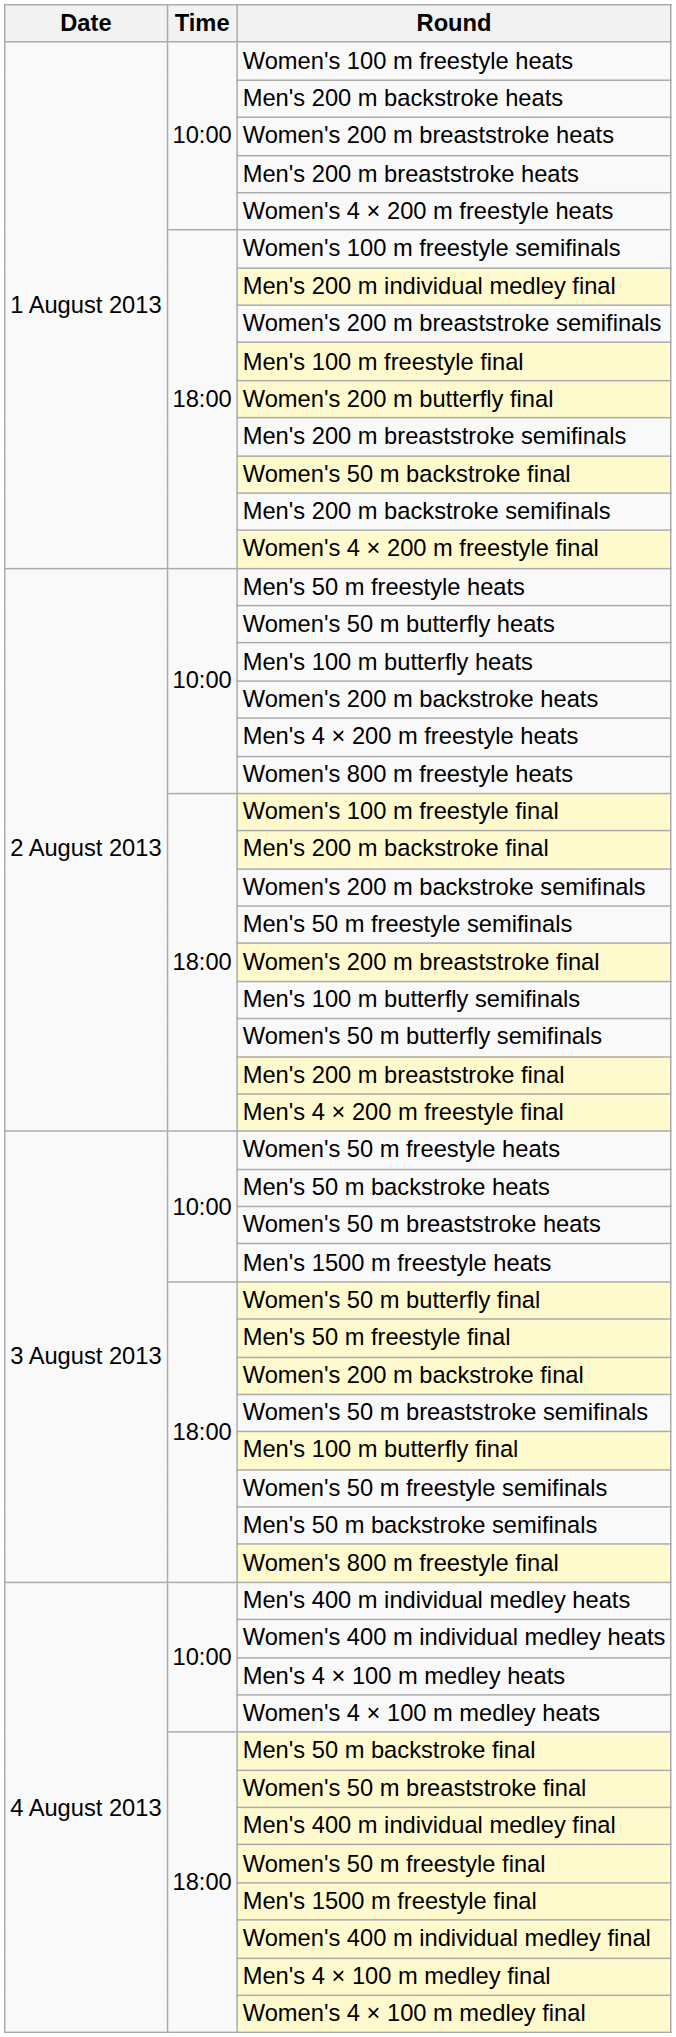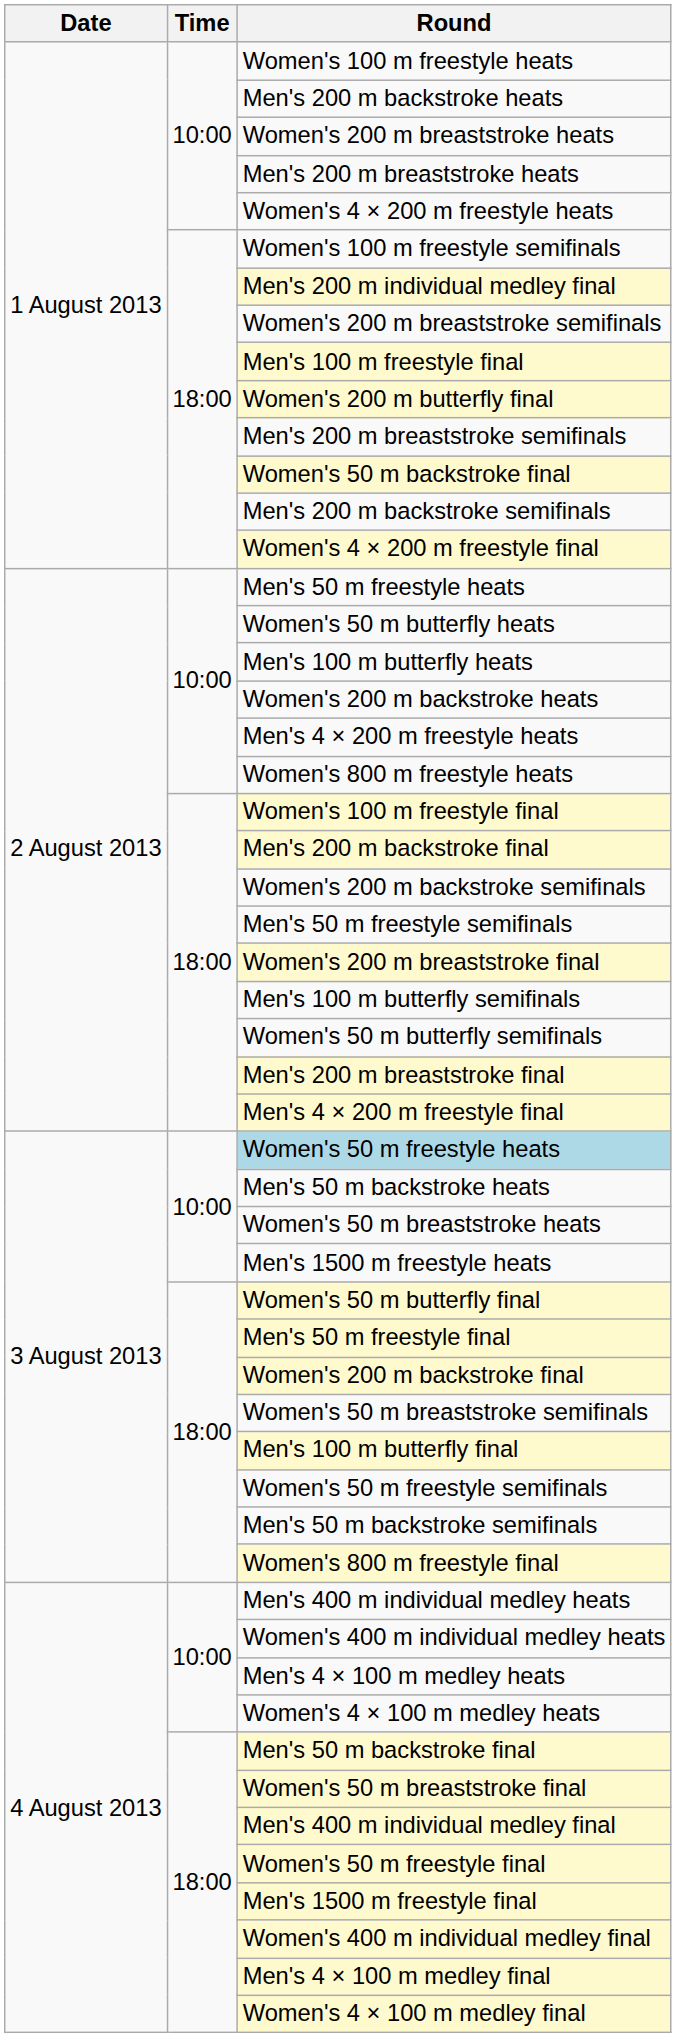 <table class="wikitable">
 <tr>
 <th>Date</th>
 <th>Time</th>
 <th>Round</th>
 </tr>
 <tr>
 <td rowspan=14>1 August 2013</td>
 <td rowspan=5>10:00</td>
 <td>Women's 100 m freestyle heats</td>
 </tr>
 <tr>
 <td>Men's 200 m backstroke heats</td>
 </tr>
 <tr>
 <td>Women's 200 m breaststroke heats</td>
 </tr>
 <tr>
 <td>Men's 200 m breaststroke heats</td>
 </tr>
 <tr>
 <td>Women's 4 × 200 m freestyle heats</td>
 </tr>
 <tr>
 <td rowspan=9>18:00</td>
 <td>Women's 100 m freestyle semifinals</td>
 </tr>
 <tr>
 <td style=background:lemonchiffon>Men's 200 m individual medley final</td>
 </tr>
 <tr>
 <td>Women's 200 m breaststroke semifinals</td>
 </tr>
 <tr>
 <td style=background:lemonchiffon>Men's 100 m freestyle final</td>
 </tr>
 <tr>
 <td style=background:lemonchiffon>Women's 200 m butterfly final</td>
 </tr>
 <tr>
 <td>Men's 200 m breaststroke semifinals</td>
 </tr>
 <tr>
 <td style=background:lemonchiffon>Women's 50 m backstroke final</td>
 </tr>
 <tr>
 <td>Men's 200 m backstroke semifinals</td>
 </tr>
 <tr>
 <td style=background:lemonchiffon>Women's 4 × 200 m freestyle final</td>
 </tr>
 <tr>
 <td rowspan=15>2 August 2013</td>
 <td rowspan=6>10:00</td>
 <td>Men's 50 m freestyle heats</td>
 </tr>
 <tr>
 <td>Women's 50 m butterfly heats</td>
 </tr>
 <tr>
 <td>Men's 100 m butterfly heats</td>
 </tr>
 <tr>
 <td>Women's 200 m backstroke heats</td>
 </tr>
 <tr>
 <td>Men's 4 × 200 m freestyle heats</td>
 </tr>
 <tr>
 <td>Women's 800 m freestyle heats</td>
 </tr>
 <tr>
 <td rowspan=9>18:00</td>
 <td style=background:lemonchiffon>Women's 100 m freestyle final</td>
 </tr>
 <tr>
 <td style=background:lemonchiffon>Men's 200 m backstroke final</td>
 </tr>
 <tr>
 <td>Women's 200 m backstroke semifinals</td>
 </tr>
 <tr>
 <td>Men's 50 m freestyle semifinals</td>
 </tr>
 <tr>
 <td style=background:lemonchiffon>Women's 200 m breaststroke final</td>
 </tr>
 <tr>
 <td>Men's 100 m butterfly semifinals</td>
 </tr>
 <tr>
 <td>Women's 50 m butterfly semifinals</td>
 </tr>
 <tr>
 <td style=background:lemonchiffon>Men's 200 m breaststroke final</td>
 </tr>
 <tr>
 <td style=background:lemonchiffon>Men's 4 × 200 m freestyle final</td>
 </tr>
 <tr>
 <td rowspan=12>3 August 2013</td>
 <td rowspan=4>10:00</td>
-<td>Women's 50 m freestyle heats</td>
+<td style="background: lightblue;">Women's 50 m freestyle heats</td>
 </tr>
 <tr>
 <td>Men's 50 m backstroke heats</td>
 </tr>
 <tr>
 <td>Women's 50 m breaststroke heats</td>
 </tr>
 <tr>
 <td>Men's 1500 m freestyle heats</td>
 </tr>
 <tr>
 <td rowspan=8>18:00</td>
 <td style=background:lemonchiffon>Women's 50 m butterfly final</td>
 </tr>
 <tr>
 <td style=background:lemonchiffon>Men's 50 m freestyle final</td>
 </tr>
 <tr>
 <td style=background:lemonchiffon>Women's 200 m backstroke final</td>
 </tr>
 <tr>
 <td>Women's 50 m breaststroke semifinals</td>
 </tr>
 <tr>
 <td style=background:lemonchiffon>Men's 100 m butterfly final</td>
 </tr>
 <tr>
 <td>Women's 50 m freestyle semifinals</td>
 </tr>
 <tr>
 <td>Men's 50 m backstroke semifinals</td>
 </tr>
 <tr>
 <td style=background:lemonchiffon>Women's 800 m freestyle final</td>
 </tr>
 <tr>
 <td rowspan=12>4 August 2013</td>
 <td rowspan=4>10:00</td>
 <td>Men's 400 m individual medley heats</td>
 </tr>
 <tr>
 <td>Women's 400 m individual medley heats</td>
 </tr>
 <tr>
 <td>Men's 4 × 100 m medley heats</td>
 </tr>
 <tr>
 <td>Women's 4 × 100 m medley heats</td>
 </tr>
 <tr>
 <td rowspan=8>18:00</td>
 <td style=background:lemonchiffon>Men's 50 m backstroke final</td>
 </tr>
 <tr>
 <td style=background:lemonchiffon>Women's 50 m breaststroke final</td>
 </tr>
 <tr>
 <td style=background:lemonchiffon>Men's 400 m individual medley final</td>
 </tr>
 <tr>
 <td style=background:lemonchiffon>Women's 50 m freestyle final</td>
 </tr>
 <tr>
 <td style=background:lemonchiffon>Men's 1500 m freestyle final</td>
 </tr>
 <tr>
 <td style=background:lemonchiffon>Women's 400 m individual medley final</td>
 </tr>
 <tr>
 <td style=background:lemonchiffon>Men's 4 × 100 m medley final</td>
 </tr>
 <tr>
 <td style=background:lemonchiffon>Women's 4 × 100 m medley final</td>
 </tr>
 </table>
